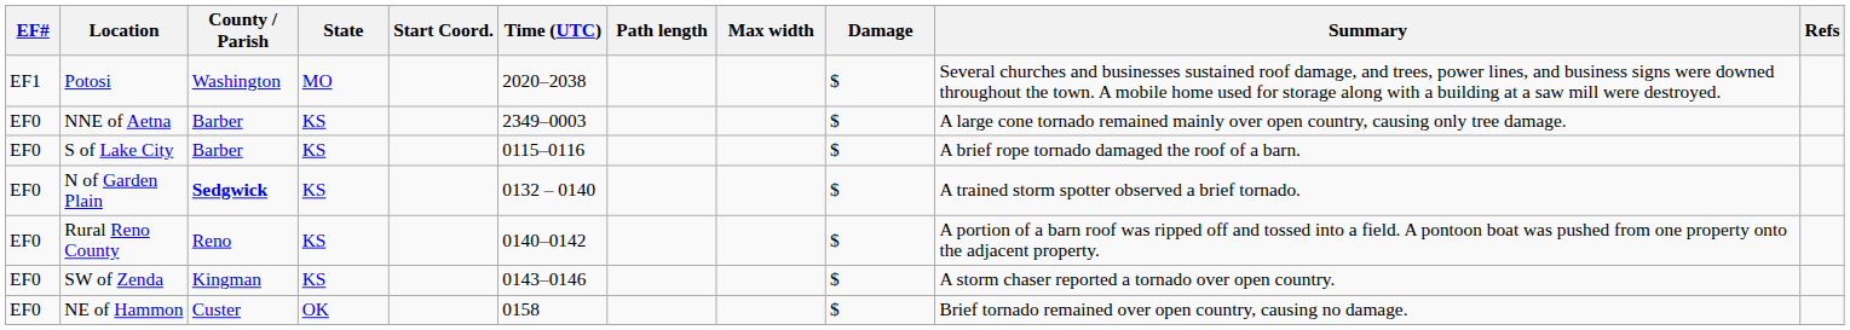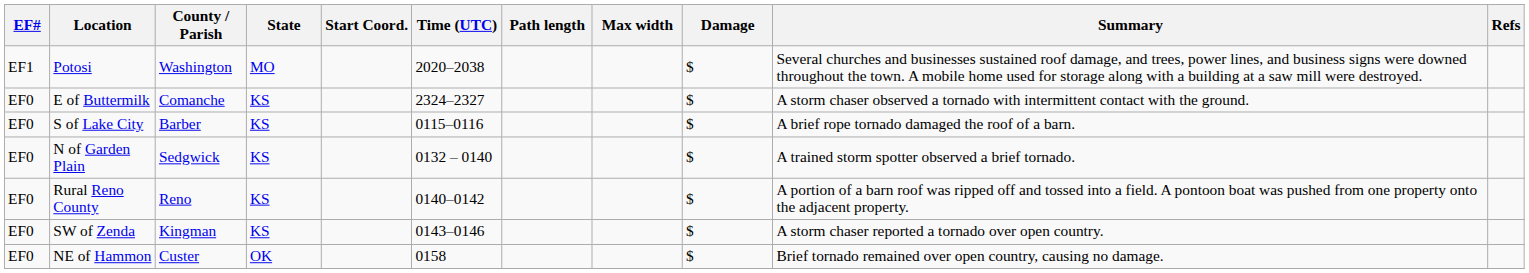 <table class="wikitable sortable" style="width:100%;">
 <tr>
 <th scope="col" width="3%" align="center"><a href='#'>EF#</a></th>
 <th scope="col" width="7%" align="center" class="unsortable">Location</th>
 <th scope="col" width="6%" align="center" class="unsortable">County / Parish</th>
 <th scope="col" width="5%" align="center">State</th>
 <th scope="col" width="6%" align="center">Start Coord.</th>
 <th scope="col" width="6%" align="center">Time (<a href='#'>UTC</a>)</th>
 <th scope="col" width="6%" align="center">Path length</th>
 <th scope="col" width="6%" align="center">Max width</th>
 <th scope="col" width="6%" align="center">Damage</th>
 <th scope="col" width="48%" class="unsortable" align="center">Summary</th>
 <th scope="col" width="48%" class="unsortable" align="center">Refs</th>
 </tr>
 <tr>
 <td>EF1</td>
 <td><a href='#'>Potosi</a></td>
 <td><a href='#'>Washington</a></td>
 <td><a href='#'>MO</a></td>
 <td></td>
 <td>2020–2038</td>
 <td></td>
 <td></td>
 <td>$</td>
 <td>Several churches and businesses sustained roof damage, and trees, power lines, and business signs were downed throughout the town. A mobile home used for storage along with a building at a saw mill were destroyed.</td>
 <td></td>
 </tr>
 <tr>
 <td>EF0</td>
-<td>NNE of <a href='#'>Aetna</a></td>
-<td><a href='#'>Barber</a></td>
+<td>E of <a href='#'>Buttermilk</a></td>
+<td><a href='#'>Comanche</a></td>
 <td><a href='#'>KS</a></td>
 <td></td>
-<td>2349–0003</td>
+<td>2324–2327</td>
 <td></td>
 <td></td>
 <td>$</td>
-<td>A large cone tornado remained mainly over open country, causing only tree damage.</td>
+<td>A storm chaser observed a tornado with intermittent contact with the ground.</td>
 <td></td>
 </tr>
 <tr>
 <td>EF0</td>
 <td>S of <a href='#'>Lake City</a></td>
 <td><a href='#'>Barber</a></td>
 <td><a href='#'>KS</a></td>
 <td></td>
 <td>0115–0116</td>
 <td></td>
 <td></td>
 <td>$</td>
 <td>A brief rope tornado damaged the roof of a barn.</td>
 <td></td>
 </tr>
 <tr>
 <td>EF0</td>
 <td>N of <a href='#'>Garden Plain</a></td>
-<td><strong><a href='#'>Sedgwick</a></strong></td>
+<td><a href='#'>Sedgwick</a></td>
 <td><a href='#'>KS</a></td>
 <td></td>
 <td>0132 – 0140</td>
 <td></td>
 <td></td>
 <td>$</td>
 <td>A trained storm spotter observed a brief tornado.</td>
 <td></td>
 </tr>
 <tr>
 <td>EF0</td>
 <td>Rural <a href='#'>Reno County</a></td>
 <td><a href='#'>Reno</a></td>
 <td><a href='#'>KS</a></td>
 <td></td>
 <td>0140–0142</td>
 <td></td>
 <td></td>
 <td>$</td>
 <td>A portion of a barn roof was ripped off and tossed into a field. A pontoon boat was pushed from one property onto the adjacent property.</td>
 <td></td>
 </tr>
 <tr>
 <td>EF0</td>
 <td>SW of <a href='#'>Zenda</a></td>
 <td><a href='#'>Kingman</a></td>
 <td><a href='#'>KS</a></td>
 <td></td>
 <td>0143–0146</td>
 <td></td>
 <td></td>
 <td>$</td>
 <td>A storm chaser reported a tornado over open country.</td>
 <td></td>
 </tr>
 <tr>
 <td>EF0</td>
 <td>NE of <a href='#'>Hammon</a></td>
 <td><a href='#'>Custer</a></td>
 <td><a href='#'>OK</a></td>
 <td></td>
 <td>0158</td>
 <td></td>
 <td></td>
 <td>$</td>
 <td>Brief tornado remained over open country, causing no damage.</td>
 <td></td>
 </tr>
 <tr>
 </tr>
 </table>
